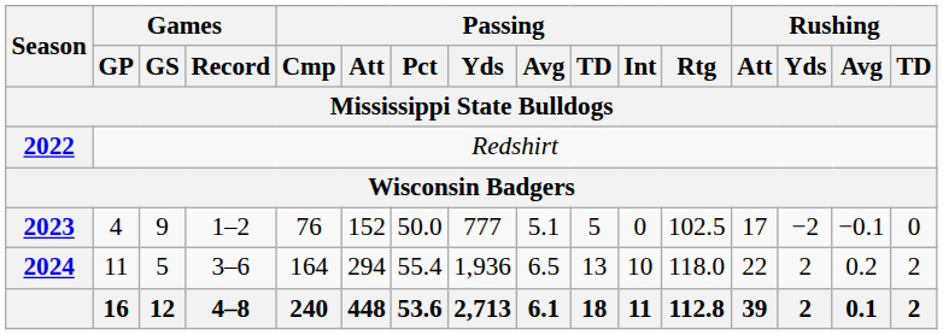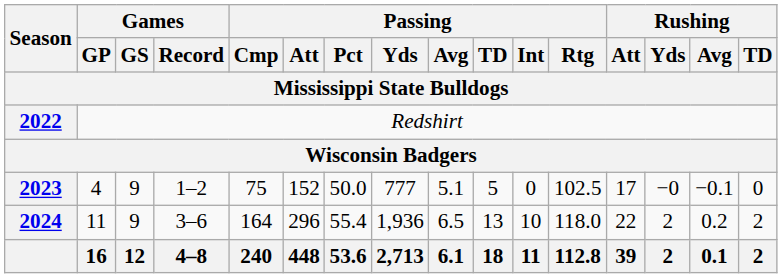 <table class=wikitable style="text-align:center;">
 <tr>
 <th rowspan="2">Season</th>
 <th colspan="3">Games</th>
 <th colspan="8">Passing</th>
 <th colspan="5">Rushing</th>
 </tr>
 <tr>
 <th>GP</th>
 <th>GS</th>
 <th>Record</th>
 <th>Cmp</th>
 <th>Att</th>
 <th>Pct</th>
 <th>Yds</th>
 <th>Avg</th>
 <th>TD</th>
 <th>Int</th>
 <th>Rtg</th>
 <th>Att</th>
 <th>Yds</th>
 <th>Avg</th>
 <th>TD</th>
 </tr>
 <tr>
 <th colspan="16">Mississippi State Bulldogs</th>
 </tr>
 <tr>
 <th><a href='#'>2022</a></th>
 <td colspan="15"><em>Redshirt </em></td>
 </tr>
 <tr>
 <th colspan="16">Wisconsin Badgers</th>
 </tr>
 <tr>
 <th><a href='#'>2023</a></th>
 <td>4</td>
 <td>9</td>
 <td>1–2</td>
-<td>76</td>
+<td>75</td>
 <td>152</td>
 <td>50.0</td>
 <td>777</td>
 <td>5.1</td>
 <td>5</td>
 <td>0</td>
 <td>102.5</td>
 <td>17</td>
-<td>−2</td>
+<td>−0</td>
 <td>−0.1</td>
 <td>0</td>
 </tr>
 <tr>
 <th><a href='#'>2024</a></th>
 <td>11</td>
-<td>5</td>
+<td>9</td>
 <td>3–6</td>
 <td>164</td>
-<td>294</td>
+<td>296</td>
 <td>55.4</td>
 <td>1,936</td>
 <td>6.5</td>
 <td>13</td>
 <td>10</td>
 <td>118.0</td>
 <td>22</td>
 <td>2</td>
 <td>0.2</td>
 <td>2</td>
 </tr>
 <tr>
 <th></th>
 <th>16</th>
 <th>12</th>
 <th>4–8</th>
 <th>240</th>
 <th>448</th>
 <th>53.6</th>
 <th>2,713</th>
 <th>6.1</th>
 <th>18</th>
 <th>11</th>
 <th>112.8</th>
 <th>39</th>
 <th>2</th>
 <th>0.1</th>
 <th>2</th>
 </tr>
 </table>
